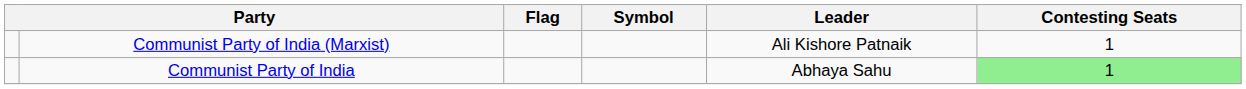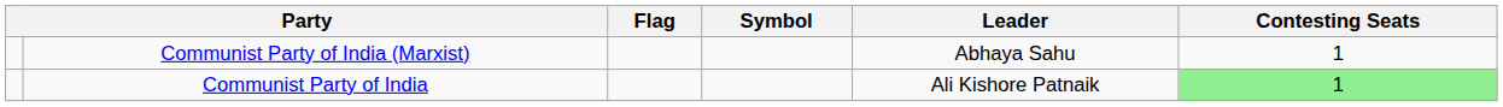 <table class="wikitable" width="60%" style="text-align:center">
 <tr>
 <th colspan="2">Party</th>
 <th>Flag</th>
 <th>Symbol</th>
 <th>Leader</th>
 <th>Contesting Seats</th>
 </tr>
 <tr>
 <td></td>
 <td><a href='#'>Communist Party of India (Marxist)</a></td>
 <td></td>
 <td></td>
-<td>Ali Kishore Patnaik</td>
+<td>Abhaya Sahu</td>
 <td>1</td>
 </tr>
 <tr>
 <td></td>
 <td><a href='#'>Communist Party of India</a></td>
 <td></td>
 <td></td>
-<td>Abhaya Sahu</td>
+<td>Ali Kishore Patnaik</td>
 <td style="background: lightgreen;">1</td>
 </tr>
 <tr>
 </tr>
 </table>
